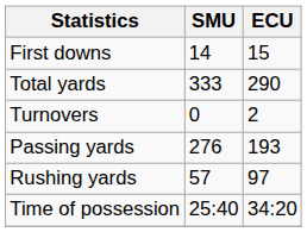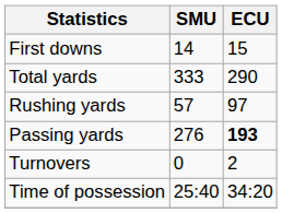 <table class="wikitable" style="float: left;">
 <tr>
 <th>Statistics</th>
 <th>SMU</th>
 <th>ECU</th>
 </tr>
 <tr>
 <td>First downs</td>
 <td>14</td>
 <td>15</td>
 </tr>
 <tr>
 <td>Total yards</td>
 <td>333</td>
 <td>290</td>
 </tr>
 <tr>
-<td>Turnovers</td>
-<td>0</td>
-<td>2</td>
+<td>Rushing yards</td>
+<td>57</td>
+<td>97</td>
 </tr>
 <tr>
 <td>Passing yards</td>
 <td>276</td>
-<td>193</td>
+<td><strong>193</strong></td>
 </tr>
 <tr>
-<td>Rushing yards</td>
-<td>57</td>
-<td>97</td>
+<td>Turnovers</td>
+<td>0</td>
+<td>2</td>
 </tr>
 <tr>
 <td>Time of possession</td>
 <td>25:40</td>
 <td>34:20</td>
 </tr>
 <tr>
 </tr>
 </table>
